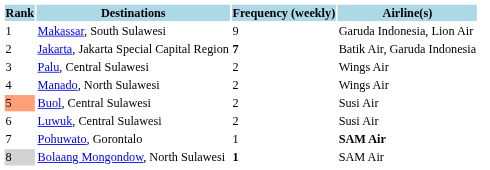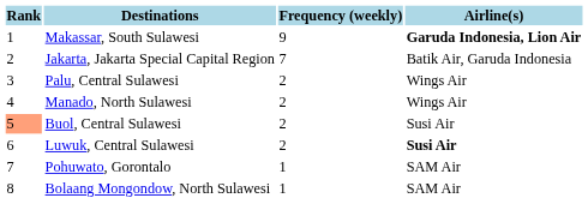 <table class="sortable" style="font-size:89%; align=center;">
 <tr style="background:lightblue;">
 <th>Rank</th>
 <th>Destinations</th>
 <th>Frequency (weekly)</th>
 <th>Airline(s)</th>
 </tr>
 <tr>
 <td>1</td>
 <td> <a href='#'>Makassar</a>, South Sulawesi</td>
 <td>9</td>
-<td>Garuda Indonesia, Lion Air</td>
+<td><strong>Garuda Indonesia, Lion Air</strong></td>
 </tr>
 <tr>
 <td>2</td>
 <td> <a href='#'>Jakarta</a>, Jakarta Special Capital Region</td>
-<td><strong>7</strong></td>
+<td>7</td>
 <td>Batik Air, Garuda Indonesia</td>
 </tr>
 <tr>
 <td>3</td>
 <td> <a href='#'>Palu</a>, Central Sulawesi</td>
 <td>2</td>
 <td>Wings Air</td>
 </tr>
 <tr>
 <td>4</td>
 <td> <a href='#'>Manado</a>, North Sulawesi</td>
 <td>2</td>
 <td>Wings Air</td>
 </tr>
 <tr>
 <td style="background: lightsalmon;">5</td>
 <td> <a href='#'>Buol</a>, Central Sulawesi</td>
 <td>2</td>
 <td>Susi Air</td>
 </tr>
 <tr>
 <td>6</td>
 <td> <a href='#'>Luwuk</a>, Central Sulawesi</td>
 <td>2</td>
-<td>Susi Air</td>
+<td><strong>Susi Air</strong></td>
 </tr>
 <tr>
 <td>7</td>
 <td> <a href='#'>Pohuwato</a>, Gorontalo</td>
 <td>1</td>
-<td><strong>SAM Air</strong></td>
+<td>SAM Air</td>
 </tr>
 <tr>
-<td style="background: lightgrey;">8</td>
+<td>8</td>
 <td> <a href='#'>Bolaang Mongondow</a>, North Sulawesi</td>
-<td><strong>1</strong></td>
+<td>1</td>
 <td>SAM Air</td>
 </tr>
 <tr>
 </tr>
 </table>
